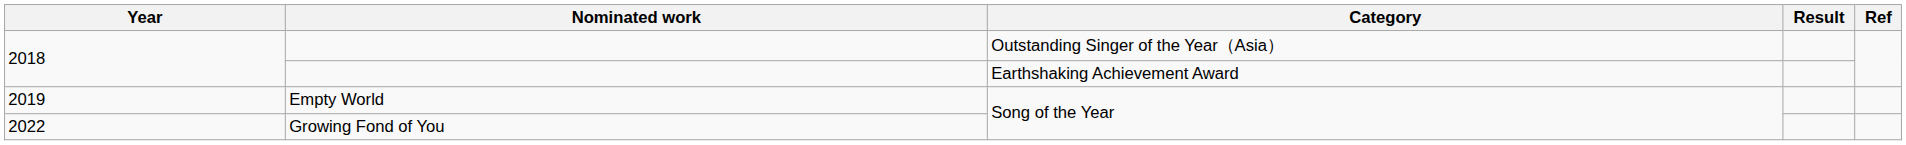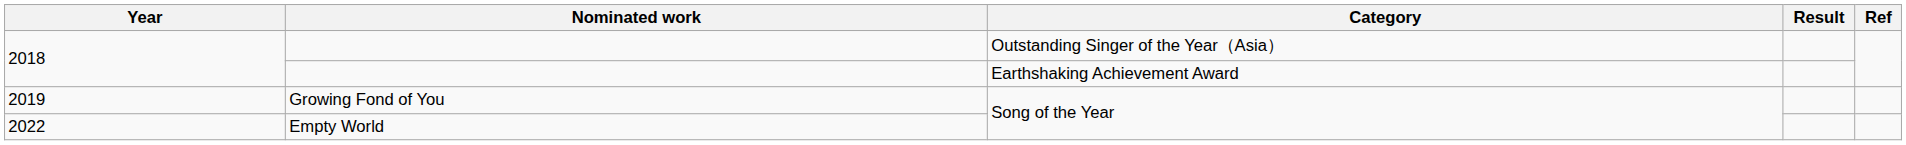 <table class="wikitable"  width="92%">
 <tr>
 <th width="12%">Year</th>
 <th width="30%">Nominated work</th>
 <th width="34%">Category</th>
 <th width="3%">Result</th>
 <th width="2%">Ref</th>
 </tr>
 <tr>
 <td rowspan=2>2018</td>
 <td></td>
 <td>Outstanding Singer of the Year（Asia）</td>
 <td></td>
 <td rowspan=2></td>
 </tr>
 <tr>
 <td></td>
 <td>Earthshaking Achievement Award</td>
 <td></td>
 </tr>
 <tr>
 <td>2019</td>
-<td>Empty World</td>
+<td>Growing Fond of You</td>
 <td rowspan=2>Song of the Year</td>
 <td></td>
 <td></td>
 </tr>
 <tr>
 <td>2022</td>
-<td>Growing Fond of You</td>
+<td>Empty World</td>
 <td></td>
 <td></td>
 </tr>
 </table>
